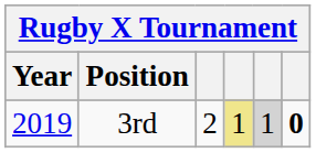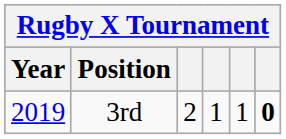 <table class="wikitable" style="text-align: center;">
 <tr>
 <th colspan=6><a href='#'>Rugby X Tournament</a></th>
 </tr>
 <tr>
 <th>Year</th>
 <th>Position</th>
 <th></th>
 <th></th>
 <th></th>
 <th></th>
 </tr>
 <tr>
 <td> <a href='#'>2019</a></td>
 <td>3rd</td>
 <td>2</td>
-<td style="background: khaki;">1</td>
-<td style="background: lightgrey;">1</td>
+<td>1</td>
+<td>1</td>
 <td><strong>0</strong></td>
 </tr>
 </table>
